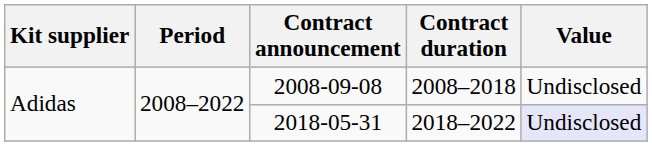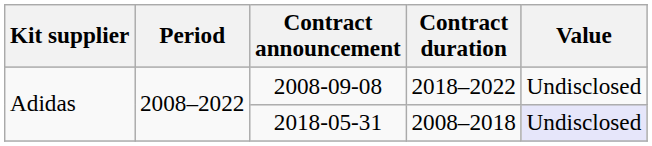 <table class="wikitable" style="text-align: left">
 <tr>
 <th>Kit supplier</th>
 <th>Period</th>
 <th>Contract<br>announcement</th>
 <th>Contract<br>duration</th>
 <th>Value</th>
 </tr>
 <tr>
 <td rowspan=2> Adidas</td>
 <td rowspan=2>2008–2022</td>
 <td style="text-align:center;">2008-09-08</td>
-<td>2008–2018</td>
+<td>2018–2022</td>
 <td>Undisclosed</td>
 </tr>
 <tr>
 <td style="text-align:center;">2018-05-31</td>
-<td>2018–2022</td>
+<td>2008–2018</td>
 <td style="background: lavender;">Undisclosed</td>
 </tr>
 </table>
